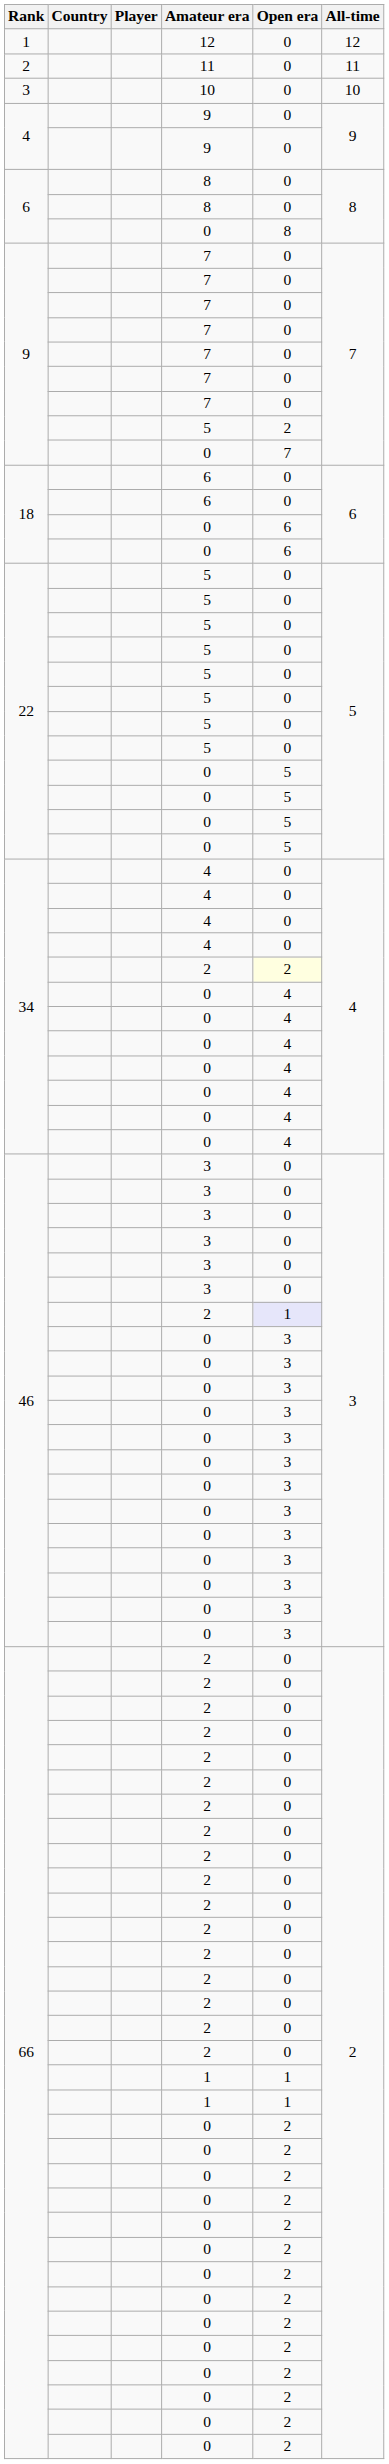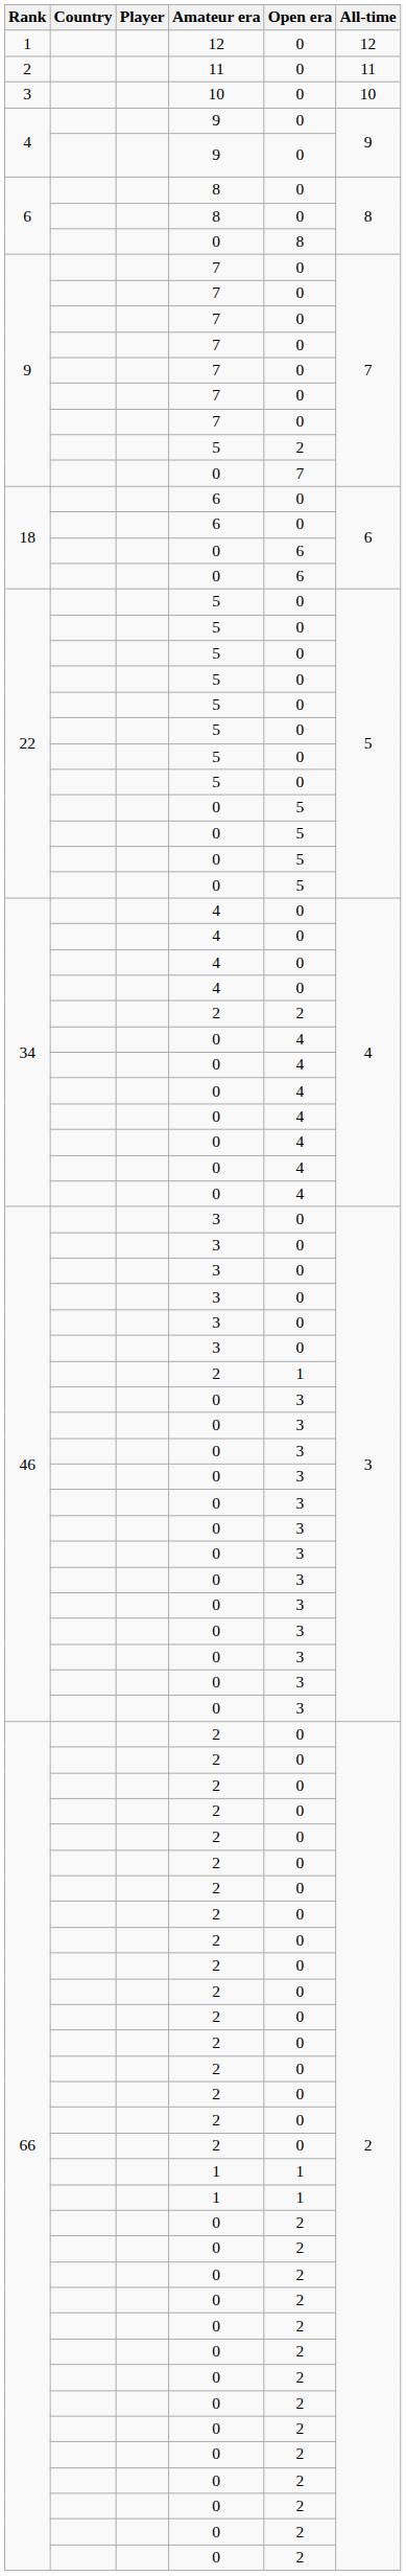 <table class="wikitable sortable">
 <tr>
 <th>Rank</th>
 <th>Country</th>
 <th>Player</th>
 <th>Amateur era</th>
 <th>Open era</th>
 <th>All-time</th>
 </tr>
 <tr>
 <td align=center>1</td>
 <td><br></td>
 <td></td>
 <td align=center>12</td>
 <td align=center>0</td>
 <td align=center>12</td>
 </tr>
 <tr>
 <td align=center>2</td>
 <td></td>
 <td></td>
 <td align=center>11</td>
 <td align=center>0</td>
 <td align=center>11</td>
 </tr>
 <tr>
 <td align=center>3</td>
 <td></td>
 <td></td>
 <td align=center>10</td>
 <td align=center>0</td>
 <td align=center>10</td>
 </tr>
 <tr>
 <td rowspan=2 align=center>4</td>
 <td></td>
 <td></td>
 <td align=center>9</td>
 <td align=center>0</td>
 <td rowspan=2 align=center>9</td>
 </tr>
 <tr>
 <td><br><br></td>
 <td></td>
 <td align=center>9</td>
 <td align=center>0</td>
 </tr>
 <tr>
 <td rowspan=3 align=center>6</td>
 <td></td>
 <td></td>
 <td align=center>8</td>
 <td align=center>0</td>
 <td rowspan=3 align=center>8</td>
 </tr>
 <tr>
 <td></td>
 <td></td>
 <td align=center>8</td>
 <td align=center>0</td>
 </tr>
 <tr>
 <td></td>
 <td></td>
 <td align=center>0</td>
 <td align=center>8</td>
 </tr>
 <tr>
 <td rowspan=9 align=center>9</td>
 <td></td>
 <td></td>
 <td align=center>7</td>
 <td align=center>0</td>
 <td rowspan=9 align=center>7</td>
 </tr>
 <tr>
 <td></td>
 <td></td>
 <td align=center>7</td>
 <td align=center>0</td>
 </tr>
 <tr>
 <td></td>
 <td></td>
 <td align=center>7</td>
 <td align=center>0</td>
 </tr>
 <tr>
 <td></td>
 <td></td>
 <td align=center>7</td>
 <td align=center>0</td>
 </tr>
 <tr>
 <td></td>
 <td></td>
 <td align=center>7</td>
 <td align=center>0</td>
 </tr>
 <tr>
 <td></td>
 <td></td>
 <td align=center>7</td>
 <td align=center>0</td>
 </tr>
 <tr>
 <td></td>
 <td></td>
 <td align=center>7</td>
 <td align=center>0</td>
 </tr>
 <tr>
 <td></td>
 <td></td>
 <td align=center>5</td>
 <td align=center>2</td>
 </tr>
 <tr>
 <td></td>
 <td></td>
 <td align=center>0</td>
 <td align=center>7</td>
 </tr>
 <tr>
 <td rowspan=4 align=center>18</td>
 <td></td>
 <td></td>
 <td align=center>6</td>
 <td align=center>0</td>
 <td rowspan=4 align=center>6</td>
 </tr>
 <tr>
 <td></td>
 <td></td>
 <td align=center>6</td>
 <td align=center>0</td>
 </tr>
 <tr>
 <td></td>
 <td></td>
 <td align=center>0</td>
 <td align=center>6</td>
 </tr>
 <tr>
 <td></td>
 <td><em></em></td>
 <td align=center>0</td>
 <td align=center>6</td>
 </tr>
 <tr>
 <td rowspan=12 align=center>22</td>
 <td></td>
 <td></td>
 <td align=center>5</td>
 <td align=center>0</td>
 <td rowspan=12 align=center>5</td>
 </tr>
 <tr>
 <td></td>
 <td></td>
 <td align=center>5</td>
 <td align=center>0</td>
 </tr>
 <tr>
 <td></td>
 <td></td>
 <td align=center>5</td>
 <td align=center>0</td>
 </tr>
 <tr>
 <td></td>
 <td></td>
 <td align=center>5</td>
 <td align=center>0</td>
 </tr>
 <tr>
 <td></td>
 <td></td>
 <td align=center>5</td>
 <td align=center>0</td>
 </tr>
 <tr>
 <td></td>
 <td></td>
 <td align=center>5</td>
 <td align=center>0</td>
 </tr>
 <tr>
 <td></td>
 <td></td>
 <td align=center>5</td>
 <td align=center>0</td>
 </tr>
 <tr>
 <td></td>
 <td></td>
 <td align=center>5</td>
 <td align=center>0</td>
 </tr>
 <tr>
 <td></td>
 <td></td>
 <td align=center>0</td>
 <td align=center>5</td>
 </tr>
 <tr>
 <td></td>
 <td></td>
 <td align=center>0</td>
 <td align=center>5</td>
 </tr>
 <tr>
 <td></td>
 <td></td>
 <td align=center>0</td>
 <td align=center>5</td>
 </tr>
 <tr>
 <td></td>
 <td></td>
 <td align=center>0</td>
 <td align=center>5</td>
 </tr>
 <tr>
 <td rowspan=12 align=center>34</td>
 <td></td>
 <td></td>
 <td align=center>4</td>
 <td align=center>0</td>
 <td rowspan=12 align=center>4</td>
 </tr>
 <tr>
 <td></td>
 <td></td>
 <td align=center>4</td>
 <td align=center>0</td>
 </tr>
 <tr>
 <td></td>
 <td></td>
 <td align=center>4</td>
 <td align=center>0</td>
 </tr>
 <tr>
 <td></td>
 <td></td>
 <td align=center>4</td>
 <td align=center>0</td>
 </tr>
 <tr>
 <td></td>
 <td></td>
 <td align=center>2</td>
-<td align=center style="background: lightyellow;">2</td>
+<td align=center>2</td>
 </tr>
 <tr>
 <td></td>
 <td></td>
 <td align=center>0</td>
 <td align=center>4</td>
 </tr>
 <tr>
 <td></td>
 <td></td>
 <td align=center>0</td>
 <td align=center>4</td>
 </tr>
 <tr>
 <td></td>
 <td></td>
 <td align=center>0</td>
 <td align=center>4</td>
 </tr>
 <tr>
 <td></td>
 <td></td>
 <td align=center>0</td>
 <td align=center>4</td>
 </tr>
 <tr>
 <td></td>
 <td><em></em></td>
 <td align=center>0</td>
 <td align=center>4</td>
 </tr>
 <tr>
 <td></td>
 <td></td>
 <td align=center>0</td>
 <td align=center>4</td>
 </tr>
 <tr>
 <td></td>
 <td><strong></strong></td>
 <td align=center>0</td>
 <td align=center>4</td>
 </tr>
 <tr>
 <td rowspan=20 align=center>46</td>
 <td></td>
 <td></td>
 <td align=center>3</td>
 <td align=center>0</td>
 <td rowspan=20 align=center>3</td>
 </tr>
 <tr>
 <td></td>
 <td></td>
 <td align=center>3</td>
 <td align=center>0</td>
 </tr>
 <tr>
 <td></td>
 <td><em></em></td>
 <td align=center>3</td>
 <td align=center>0</td>
 </tr>
 <tr>
 <td></td>
 <td><em></em></td>
 <td align=center>3</td>
 <td align=center>0</td>
 </tr>
 <tr>
 <td></td>
 <td></td>
 <td align=center>3</td>
 <td align=center>0</td>
 </tr>
 <tr>
 <td></td>
 <td></td>
 <td align=center>3</td>
 <td align=center>0</td>
 </tr>
 <tr>
 <td></td>
 <td></td>
 <td align=center>2</td>
-<td align=center style="background: lavender;">1</td>
+<td align=center>1</td>
 </tr>
 <tr>
 <td></td>
 <td></td>
 <td align=center>0</td>
 <td align=center>3</td>
 </tr>
 <tr>
 <td></td>
 <td></td>
 <td align=center>0</td>
 <td align=center>3</td>
 </tr>
 <tr>
 <td></td>
 <td><em></em></td>
 <td align=center>0</td>
 <td align=center>3</td>
 </tr>
 <tr>
 <td></td>
 <td></td>
 <td align=center>0</td>
 <td align=center>3</td>
 </tr>
 <tr>
 <td></td>
 <td></td>
 <td align=center>0</td>
 <td align=center>3</td>
 </tr>
 <tr>
 <td></td>
 <td></td>
 <td align=center>0</td>
 <td align=center>3</td>
 </tr>
 <tr>
 <td></td>
 <td><em></em></td>
 <td align=center>0</td>
 <td align=center>3</td>
 </tr>
 <tr>
 <td></td>
 <td></td>
 <td align=center>0</td>
 <td align=center>3</td>
 </tr>
 <tr>
 <td></td>
 <td><strong></strong></td>
 <td align=center>0</td>
 <td align=center>3</td>
 </tr>
 <tr>
 <td></td>
 <td><strong></strong></td>
 <td align=center>0</td>
 <td align=center>3</td>
 </tr>
 <tr>
 <td></td>
 <td><strong></strong></td>
 <td align=center>0</td>
 <td align=center>3</td>
 </tr>
 <tr>
 <td></td>
 <td><strong></strong></td>
 <td align=center>0</td>
 <td align=center>3</td>
 </tr>
 <tr>
 <td></td>
 <td><strong></strong></td>
 <td align=center>0</td>
 <td align=center>3</td>
 </tr>
 <tr>
 <td rowspan=34 align=center>66</td>
 <td></td>
 <td><em></em></td>
 <td align=center>2</td>
 <td align=center>0</td>
 <td rowspan=37 align=center>2</td>
 </tr>
 <tr>
 <td></td>
 <td></td>
 <td align=center>2</td>
 <td align=center>0</td>
 </tr>
 <tr>
 <td></td>
 <td></td>
 <td align=center>2</td>
 <td align=center>0</td>
 </tr>
 <tr>
 <td></td>
 <td><em></em></td>
 <td align=center>2</td>
 <td align=center>0</td>
 </tr>
 <tr>
 <td></td>
 <td></td>
 <td align=center>2</td>
 <td align=center>0</td>
 </tr>
 <tr>
 <td></td>
 <td></td>
 <td align=center>2</td>
 <td align=center>0</td>
 </tr>
 <tr>
 <td></td>
 <td></td>
 <td align=center>2</td>
 <td align=center>0</td>
 </tr>
 <tr>
 <td></td>
 <td><em></em></td>
 <td align=center>2</td>
 <td align=center>0</td>
 </tr>
 <tr>
 <td></td>
 <td><em></em></td>
 <td align=center>2</td>
 <td align=center>0</td>
 </tr>
 <tr>
 <td></td>
 <td></td>
 <td align=center>2</td>
 <td align=center>0</td>
 </tr>
 <tr>
 <td></td>
 <td><em></em></td>
 <td align=center>2</td>
 <td align=center>0</td>
 </tr>
 <tr>
 <td></td>
 <td><em></em></td>
 <td align=center>2</td>
 <td align=center>0</td>
 </tr>
 <tr>
 <td></td>
 <td></td>
 <td align=center>2</td>
 <td align=center>0</td>
 </tr>
 <tr>
 <td></td>
 <td><em></em></td>
 <td align=center>2</td>
 <td align=center>0</td>
 </tr>
 <tr>
 <td></td>
 <td></td>
 <td align=center>2</td>
 <td align=center>0</td>
 </tr>
 <tr>
 <td></td>
 <td></td>
 <td align=center>2</td>
 <td align=center>0</td>
 </tr>
 <tr>
 <td></td>
 <td></td>
 <td align=center>2</td>
 <td align=center>0</td>
 </tr>
 <tr>
 <td></td>
 <td><em></em></td>
 <td align=center>1</td>
 <td align=center>1</td>
 </tr>
 <tr>
 <td></td>
 <td></td>
 <td align=center>1</td>
 <td align=center>1</td>
 </tr>
 <tr>
 <td></td>
 <td></td>
 <td align=center>0</td>
 <td align=center>2</td>
 </tr>
 <tr>
 <td></td>
 <td><em></em></td>
 <td align=center>0</td>
 <td align=center>2</td>
 </tr>
 <tr>
 <td></td>
 <td></td>
 <td align=center>0</td>
 <td align=center>2</td>
 </tr>
 <tr>
 <td></td>
 <td></td>
 <td align=center>0</td>
 <td align=center>2</td>
 </tr>
 <tr>
 <td></td>
 <td><em></em></td>
 <td align=center>0</td>
 <td align=center>2</td>
 </tr>
 <tr>
 <td></td>
 <td><em></em></td>
 <td align=center>0</td>
 <td align=center>2</td>
 </tr>
 <tr>
 <td></td>
 <td></td>
 <td align=center>0</td>
 <td align=center>2</td>
 </tr>
 <tr>
 <td></td>
 <td></td>
 <td align=center>0</td>
 <td align=center>2</td>
 </tr>
 <tr>
 <td></td>
 <td></td>
 <td align=center>0</td>
 <td align=center>2</td>
 </tr>
 <tr>
 <td></td>
 <td></td>
 <td align=center>0</td>
 <td align=center>2</td>
 </tr>
 <tr>
 <td></td>
 <td></td>
 <td align=center>0</td>
 <td align=center>2</td>
 </tr>
 <tr>
 <td></td>
 <td></td>
 <td align=center>0</td>
 <td align=center>2</td>
 </tr>
 <tr>
 <td></td>
 <td><strong></strong></td>
 <td align=center>0</td>
 <td align=center>2</td>
 </tr>
 <tr>
 <td></td>
 <td><strong></strong></td>
 <td align=center>0</td>
 <td align=center>2</td>
 </tr>
 </table>
